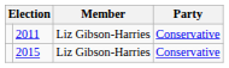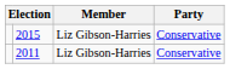 <table class="wikitable">
 <tr>
 <th colspan="2">Election</th>
 <th>Member</th>
 <th>Party</th>
 </tr>
 <tr>
 <td style="background-color: "></td>
-<td><a href='#'>2011</a></td>
+<td><a href='#'>2015</a></td>
 <td>Liz Gibson-Harries</td>
 <td><a href='#'>Conservative</a></td>
 </tr>
 <tr>
 <td style="background-color: "></td>
-<td><a href='#'>2015</a></td>
+<td><a href='#'>2011</a></td>
 <td>Liz Gibson-Harries</td>
 <td><a href='#'>Conservative</a></td>
 </tr>
 </table>
